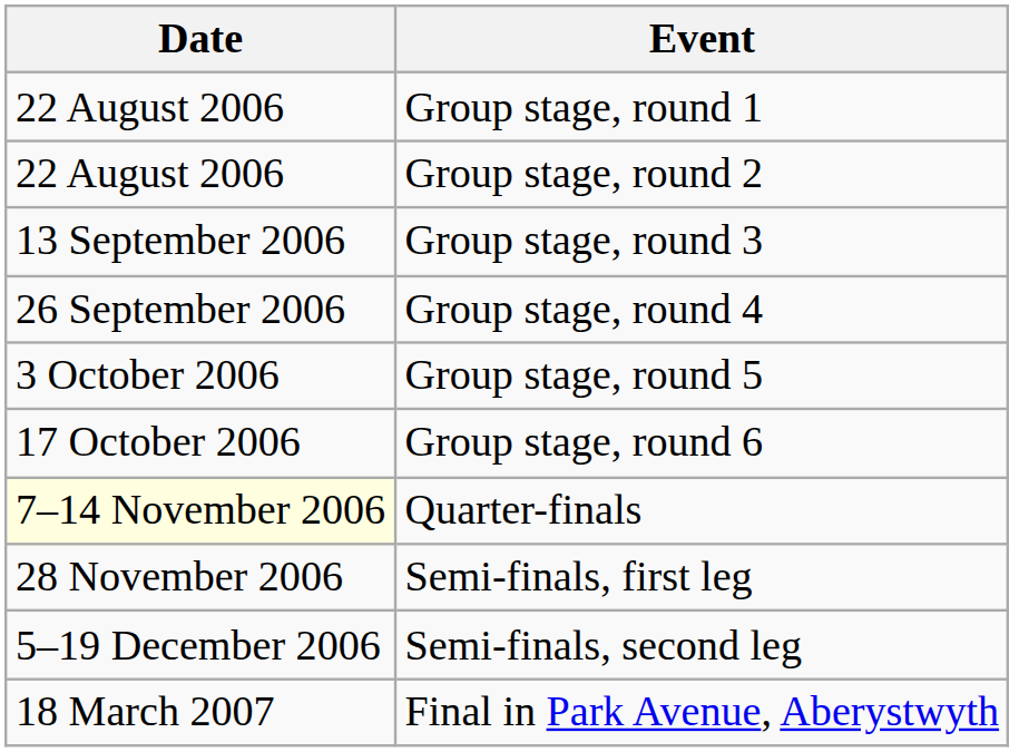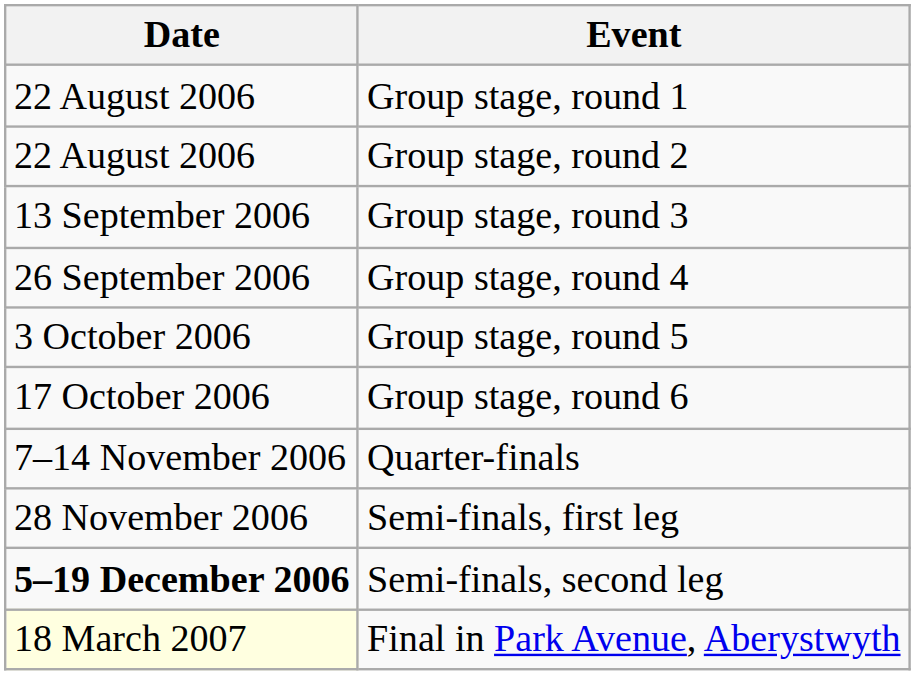 <table class="wikitable">
 <tr>
 <th>Date</th>
 <th>Event</th>
 </tr>
 <tr>
 <td>22 August 2006</td>
 <td>Group stage, round 1</td>
 </tr>
 <tr>
 <td>22 August 2006</td>
 <td>Group stage, round 2</td>
 </tr>
 <tr>
 <td>13 September 2006</td>
 <td>Group stage, round 3</td>
 </tr>
 <tr>
 <td>26 September 2006</td>
 <td>Group stage, round 4</td>
 </tr>
 <tr>
 <td>3 October 2006</td>
 <td>Group stage, round 5</td>
 </tr>
 <tr>
 <td>17 October 2006</td>
 <td>Group stage, round 6</td>
 </tr>
 <tr>
-<td style="background: lightyellow;">7–14 November 2006</td>
+<td>7–14 November 2006</td>
 <td>Quarter-finals</td>
 </tr>
 <tr>
 <td>28 November 2006</td>
 <td>Semi-finals, first leg</td>
 </tr>
 <tr>
-<td>5–19 December 2006</td>
+<td><strong>5–19 December 2006</strong></td>
 <td>Semi-finals, second leg</td>
 </tr>
 <tr>
-<td>18 March 2007</td>
+<td style="background: lightyellow;">18 March 2007</td>
 <td>Final in <a href='#'>Park Avenue</a>, <a href='#'>Aberystwyth</a></td>
 </tr>
 </table>
